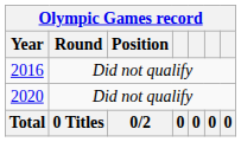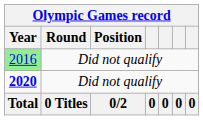 <table class="wikitable" style="text-align: center;">
 <tr>
 <th colspan=10><a href='#'>Olympic Games record</a></th>
 </tr>
 <tr>
 <th>Year</th>
 <th>Round</th>
 <th>Position</th>
 <th></th>
 <th></th>
 <th></th>
 <th></th>
 </tr>
 <tr>
-<td> <a href='#'>2016</a></td>
+<td style="background: lightgreen;"> <a href='#'>2016</a></td>
 <td colspan=6><em>Did not qualify</em></td>
 </tr>
 <tr>
-<td> <a href='#'>2020</a></td>
+<td><strong> <a href='#'>2020</a></strong></td>
 <td colspan=6><em>Did not qualify</em></td>
 </tr>
 <tr>
 <th>Total</th>
 <th>0 Titles</th>
 <th>0/2</th>
 <th>0</th>
 <th>0</th>
 <th>0</th>
 <th>0</th>
 </tr>
 </table>
